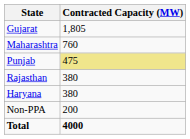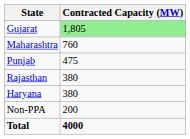 <table class="sortable wikitable">
 <tr>
 <th>State</th>
 <th>Contracted Capacity (<a href='#'>MW</a>)</th>
 </tr>
 <tr>
 <td><a href='#'>Gujarat</a></td>
-<td>1,805</td>
+<td style="background: lightgreen;">1,805</td>
 </tr>
 <tr>
 <td><a href='#'>Maharashtra</a></td>
 <td>760</td>
 </tr>
 <tr>
 <td><a href='#'>Punjab</a></td>
-<td style="background: khaki;">475</td>
+<td>475</td>
 </tr>
 <tr>
 <td><a href='#'>Rajasthan</a></td>
 <td>380</td>
 </tr>
 <tr>
 <td><a href='#'>Haryana</a></td>
 <td>380</td>
 </tr>
 <tr>
 <td>Non-PPA</td>
 <td>200</td>
 </tr>
 <tr>
 <td><strong>Total</strong></td>
 <td><strong>4000</strong></td>
 </tr>
 </table>
